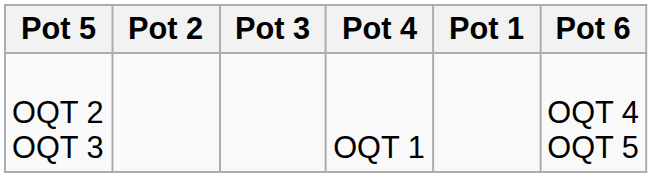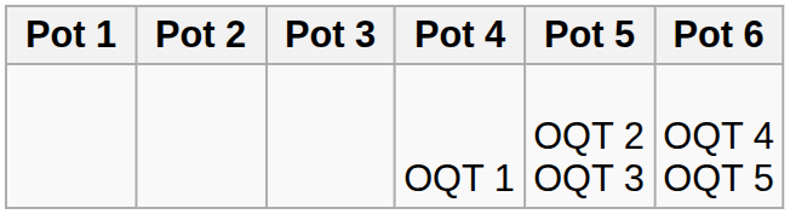 <table class=wikitable>
 <tr>
-<th width=16.7%>Pot 5</th>
+<th width=16.7%>Pot 1</th>
 <th width=16.7%>Pot 2</th>
 <th width=16.7%>Pot 3</th>
 <th width=16.7%>Pot 4</th>
-<th width=16.7%>Pot 1</th>
+<th width=16.7%>Pot 5</th>
 <th width=16.7%>Pot 6</th>
 </tr>
 <tr>
-<td><br>OQT 2<br> OQT 3</td>
+<td><br><br> </td>
 <td><br><br> </td>
 <td><br><br> </td>
 <td><br><br> OQT 1</td>
-<td><br><br> </td>
+<td><br>OQT 2<br> OQT 3</td>
 <td><br>OQT 4<br> OQT 5</td>
 </tr>
 </table>
